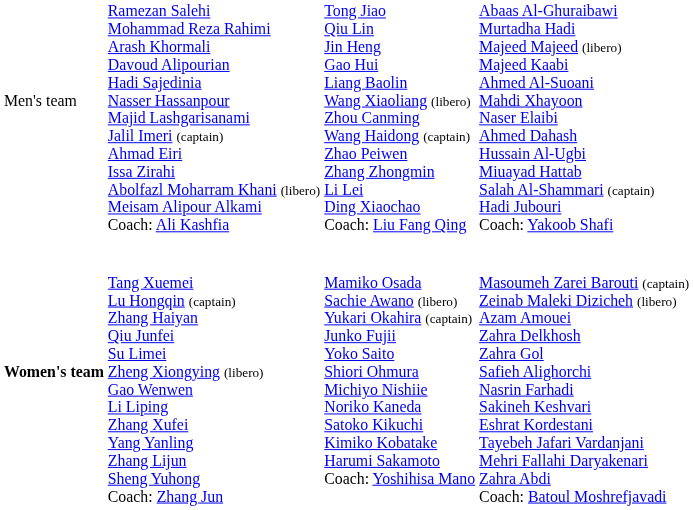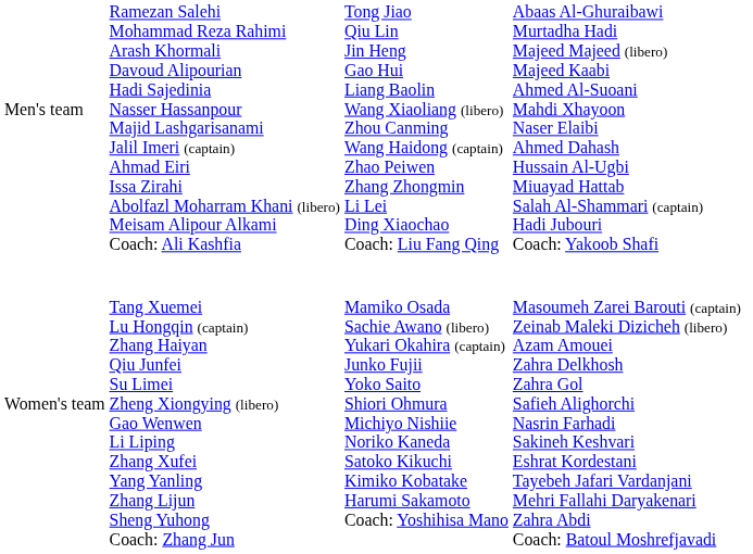 <table>
 <tr>
 <td>Men's team</td>
 <td valign="top"> <br><br><a href='#'>Ramezan Salehi</a> <br> <a href='#'>Mohammad Reza Rahimi</a> <br> <a href='#'>Arash Khormali</a> <br> <a href='#'>Davoud Alipourian</a> <br> <a href='#'>Hadi Sajedinia</a> <br> <a href='#'>Nasser Hassanpour</a> <br> <a href='#'>Majid Lashgarisanami</a> <br> <a href='#'>Jalil Imeri</a> <small>(captain)</small> <br> <a href='#'>Ahmad Eiri</a> <br> <a href='#'>Issa Zirahi</a> <br> <a href='#'>Abolfazl Moharram Khani</a> <small>(libero)</small> <br> <a href='#'>Meisam Alipour Alkami</a> <br> Coach: <a href='#'>Ali Kashfia</a></td>
 <td valign="top"> <br><br><a href='#'>Tong Jiao</a> <br> <a href='#'>Qiu Lin</a> <br> <a href='#'>Jin Heng</a> <br> <a href='#'>Gao Hui</a> <br> <a href='#'>Liang Baolin</a> <br> <a href='#'>Wang Xiaoliang</a> <small>(libero)</small> <br> <a href='#'>Zhou Canming</a> <br> <a href='#'>Wang Haidong</a> <small>(captain)</small> <br> <a href='#'>Zhao Peiwen</a> <br> <a href='#'>Zhang Zhongmin</a> <br> <a href='#'>Li Lei</a> <br> <a href='#'>Ding Xiaochao</a> <br> Coach: <a href='#'>Liu Fang Qing</a></td>
 <td valign="top"> <br><br><a href='#'>Abaas Al-Ghuraibawi</a> <br> <a href='#'>Murtadha Hadi</a> <br> <a href='#'>Majeed Majeed</a> <small>(libero)</small> <br> <a href='#'>Majeed Kaabi</a> <br> <a href='#'>Ahmed Al-Suoani</a> <br> <a href='#'>Mahdi Xhayoon</a> <br> <a href='#'>Naser Elaibi</a> <br> <a href='#'>Ahmed Dahash</a> <br> <a href='#'>Hussain Al-Ugbi</a> <br> <a href='#'>Miuayad Hattab</a> <br> <a href='#'>Salah Al-Shammari</a> <small>(captain)</small> <br> <a href='#'>Hadi Jubouri</a> <br> Coach: <a href='#'>Yakoob Shafi</a></td>
 </tr>
 <tr>
-<td><strong>Women's team</strong></td>
+<td>Women's team</td>
 <td valign="top"> <br><br><a href='#'>Tang Xuemei</a> <br> <a href='#'>Lu Hongqin</a> <small>(captain)</small> <br> <a href='#'>Zhang Haiyan</a> <br> <a href='#'>Qiu Junfei</a> <br> <a href='#'>Su Limei</a> <br> <a href='#'>Zheng Xiongying</a> <small>(libero)</small> <br> <a href='#'>Gao Wenwen</a> <br> <a href='#'>Li Liping</a> <br> <a href='#'>Zhang Xufei</a> <br> <a href='#'>Yang Yanling</a> <br> <a href='#'>Zhang Lijun</a> <br> <a href='#'>Sheng Yuhong</a> <br> Coach: <a href='#'>Zhang Jun</a></td>
 <td valign="top"> <br><br><a href='#'>Mamiko Osada</a> <br> <a href='#'>Sachie Awano</a> <small>(libero)</small> <br> <a href='#'>Yukari Okahira</a> <small>(captain)</small> <br> <a href='#'>Junko Fujii</a> <br> <a href='#'>Yoko Saito</a> <br> <a href='#'>Shiori Ohmura</a> <br> <a href='#'>Michiyo Nishiie</a> <br> <a href='#'>Noriko Kaneda</a> <br> <a href='#'>Satoko Kikuchi</a> <br> <a href='#'>Kimiko Kobatake</a> <br> <a href='#'>Harumi Sakamoto</a> <br> Coach: <a href='#'>Yoshihisa Mano</a></td>
 <td valign="top"> <br><br><a href='#'>Masoumeh Zarei Barouti</a> <small>(captain)</small> <br> <a href='#'>Zeinab Maleki Dizicheh</a> <small>(libero)</small> <br> <a href='#'>Azam Amouei</a> <br> <a href='#'>Zahra Delkhosh</a> <br> <a href='#'>Zahra Gol</a> <br> <a href='#'>Safieh Alighorchi</a> <br> <a href='#'>Nasrin Farhadi</a> <br> <a href='#'>Sakineh Keshvari</a> <br> <a href='#'>Eshrat Kordestani</a> <br> <a href='#'>Tayebeh Jafari Vardanjani</a> <br> <a href='#'>Mehri Fallahi Daryakenari</a> <br> <a href='#'>Zahra Abdi</a> <br> Coach: <a href='#'>Batoul Moshrefjavadi</a></td>
 </tr>
 </table>
